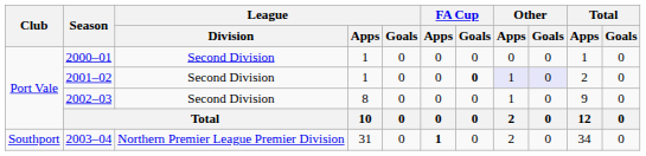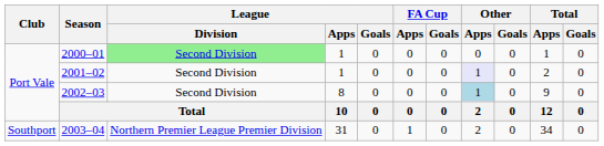 <table class="wikitable" style="text-align:center">
 <tr>
 <th rowspan="2">Club</th>
 <th rowspan="2">Season</th>
 <th colspan="3">League</th>
 <th colspan="2"><a href='#'>FA Cup</a></th>
 <th colspan="2">Other</th>
 <th colspan="2">Total</th>
 </tr>
 <tr>
 <th>Division</th>
 <th>Apps</th>
 <th>Goals</th>
 <th>Apps</th>
 <th>Goals</th>
 <th>Apps</th>
 <th>Goals</th>
 <th>Apps</th>
 <th>Goals</th>
 </tr>
 <tr>
 <td rowspan="4"><a href='#'>Port Vale</a></td>
 <td><a href='#'>2000–01</a></td>
-<td><a href='#'>Second Division</a></td>
+<td style="background: lightgreen;"><a href='#'>Second Division</a></td>
 <td>1</td>
 <td>0</td>
 <td>0</td>
 <td>0</td>
 <td>0</td>
 <td>0</td>
 <td>1</td>
 <td>0</td>
 </tr>
 <tr>
 <td><a href='#'>2001–02</a></td>
 <td>Second Division</td>
 <td>1</td>
 <td>0</td>
 <td>0</td>
-<td><strong>0</strong></td>
+<td>0</td>
 <td style="background: lavender;">1</td>
-<td style="background: lavender;">0</td>
+<td>0</td>
 <td>2</td>
 <td>0</td>
 </tr>
 <tr>
 <td><a href='#'>2002–03</a></td>
 <td>Second Division</td>
 <td>8</td>
 <td>0</td>
 <td>0</td>
 <td>0</td>
-<td>1</td>
+<td style="background: lightblue;">1</td>
 <td>0</td>
 <td>9</td>
 <td>0</td>
 </tr>
 <tr>
 <th colspan="2">Total</th>
 <th>10</th>
 <th>0</th>
 <th>0</th>
 <th>0</th>
 <th>2</th>
 <th>0</th>
 <th>12</th>
 <th>0</th>
 </tr>
 <tr>
 <td><a href='#'>Southport</a></td>
 <td><a href='#'>2003–04</a></td>
 <td><a href='#'>Northern Premier League Premier Division</a></td>
 <td>31</td>
 <td>0</td>
-<td><strong>1</strong></td>
+<td>1</td>
 <td>0</td>
 <td>2</td>
 <td>0</td>
 <td>34</td>
 <td>0</td>
 </tr>
 </table>
